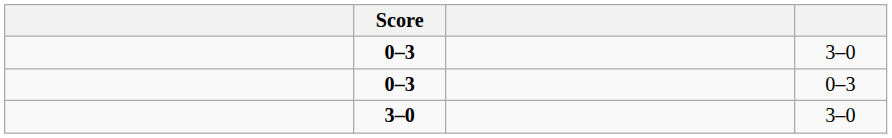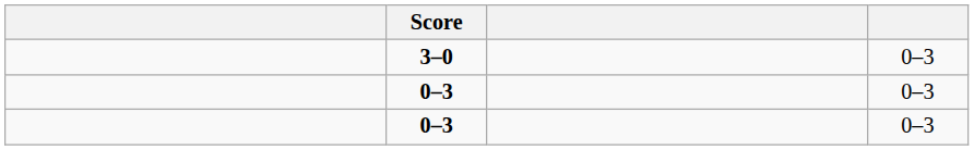 <table class="wikitable" style="text-align: center; ">
 <tr>
 <th align="right" width="270"></th>
 <th width="65">Score</th>
 <th align="left" width="270"></th>
 <th width="65"></th>
 </tr>
 <tr>
 <td align="left"><strong></strong></td>
-<td><strong>0–3</strong></td>
+<td><strong>3–0</strong></td>
 <td align="left"></td>
-<td>3–0 <strong></strong></td>
+<td>0–3 <strong></strong></td>
 </tr>
 <tr>
 <td align="left"></td>
 <td><strong>0–3</strong></td>
 <td align="left"><strong></strong></td>
 <td>0–3 <strong></strong></td>
 </tr>
 <tr>
 <td align="left"></td>
-<td><strong>3–0</strong></td>
+<td><strong>0–3</strong></td>
 <td align="left"><strong></strong></td>
-<td>3–0 <strong></strong></td>
+<td>0–3 <strong></strong></td>
 </tr>
 </table>
